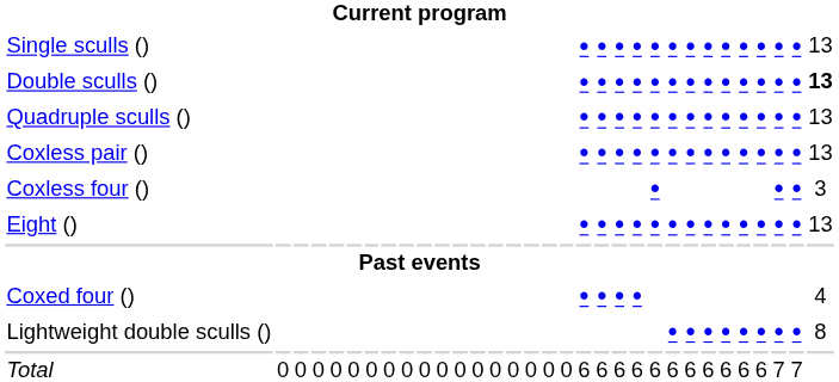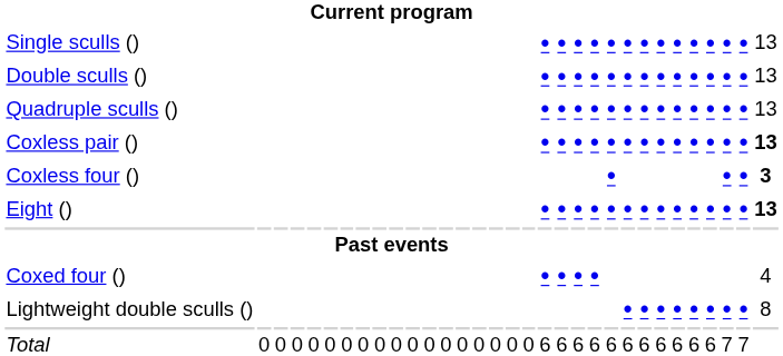 <table>
 <tr>
 </tr>
 <tr align=center>
 <td colspan=32 align=center><strong>Current program</strong></td>
 </tr>
 <tr align=center>
 <td align=left><a href='#'>Single sculls</a> ()</td>
 <td></td>
 <td></td>
 <td></td>
 <td></td>
 <td></td>
 <td></td>
 <td></td>
 <td></td>
 <td></td>
 <td></td>
 <td></td>
 <td></td>
 <td></td>
 <td></td>
 <td></td>
 <td></td>
 <td></td>
 <td><big><strong><a href='#'>•</a></strong></big></td>
 <td><big><strong><a href='#'>•</a></strong></big></td>
 <td><big><strong><a href='#'>•</a></strong></big></td>
 <td><big><strong><a href='#'>•</a></strong></big></td>
 <td><big><strong><a href='#'>•</a></strong></big></td>
 <td><big><strong><a href='#'>•</a></strong></big></td>
 <td><big><strong><a href='#'>•</a></strong></big></td>
 <td><big><strong><a href='#'>•</a></strong></big></td>
 <td><big><strong><a href='#'>•</a></strong></big></td>
 <td><big><strong><a href='#'>•</a></strong></big></td>
 <td><big><strong><a href='#'>•</a></strong></big></td>
 <td><big><strong><a href='#'>•</a></strong></big></td>
 <td><big><strong><a href='#'>•</a></strong></big></td>
 <td>13</td>
 </tr>
 <tr align=center>
 <td align=left><a href='#'>Double sculls</a> ()</td>
 <td></td>
 <td></td>
 <td></td>
 <td></td>
 <td></td>
 <td></td>
 <td></td>
 <td></td>
 <td></td>
 <td></td>
 <td></td>
 <td></td>
 <td></td>
 <td></td>
 <td></td>
 <td></td>
 <td></td>
 <td><big><strong><a href='#'>•</a></strong></big></td>
 <td><big><strong><a href='#'>•</a></strong></big></td>
 <td><big><strong><a href='#'>•</a></strong></big></td>
 <td><big><strong><a href='#'>•</a></strong></big></td>
 <td><big><strong><a href='#'>•</a></strong></big></td>
 <td><big><strong><a href='#'>•</a></strong></big></td>
 <td><big><strong><a href='#'>•</a></strong></big></td>
 <td><big><strong><a href='#'>•</a></strong></big></td>
 <td><big><strong><a href='#'>•</a></strong></big></td>
 <td><big><strong><a href='#'>•</a></strong></big></td>
 <td><big><strong><a href='#'>•</a></strong></big></td>
 <td><big><strong><a href='#'>•</a></strong></big></td>
 <td><big><strong><a href='#'>•</a></strong></big></td>
-<td><strong>13</strong></td>
+<td>13</td>
 </tr>
 <tr align=center>
 <td align=left><a href='#'>Quadruple sculls</a> ()</td>
 <td></td>
 <td></td>
 <td></td>
 <td></td>
 <td></td>
 <td></td>
 <td></td>
 <td></td>
 <td></td>
 <td></td>
 <td></td>
 <td></td>
 <td></td>
 <td></td>
 <td></td>
 <td></td>
 <td></td>
 <td><big><strong><a href='#'>•</a></strong></big></td>
 <td><big><strong><a href='#'>•</a></strong></big></td>
 <td><big><strong><a href='#'>•</a></strong></big></td>
 <td><big><strong><a href='#'>•</a></strong></big></td>
 <td><big><strong><a href='#'>•</a></strong></big></td>
 <td><big><strong><a href='#'>•</a></strong></big></td>
 <td><big><strong><a href='#'>•</a></strong></big></td>
 <td><big><strong><a href='#'>•</a></strong></big></td>
 <td><big><strong><a href='#'>•</a></strong></big></td>
 <td><big><strong><a href='#'>•</a></strong></big></td>
 <td><big><strong><a href='#'>•</a></strong></big></td>
 <td><big><strong><a href='#'>•</a></strong></big></td>
 <td><big><strong><a href='#'>•</a></strong></big></td>
 <td>13</td>
 </tr>
 <tr align=center>
 <td align=left><a href='#'>Coxless pair</a> ()</td>
 <td></td>
 <td></td>
 <td></td>
 <td></td>
 <td></td>
 <td></td>
 <td></td>
 <td></td>
 <td></td>
 <td></td>
 <td></td>
 <td></td>
 <td></td>
 <td></td>
 <td></td>
 <td></td>
 <td></td>
 <td><big><strong><a href='#'>•</a></strong></big></td>
 <td><big><strong><a href='#'>•</a></strong></big></td>
 <td><big><strong><a href='#'>•</a></strong></big></td>
 <td><big><strong><a href='#'>•</a></strong></big></td>
 <td><big><strong><a href='#'>•</a></strong></big></td>
 <td><big><strong><a href='#'>•</a></strong></big></td>
 <td><big><strong><a href='#'>•</a></strong></big></td>
 <td><big><strong><a href='#'>•</a></strong></big></td>
 <td><big><strong><a href='#'>•</a></strong></big></td>
 <td><big><strong><a href='#'>•</a></strong></big></td>
 <td><big><strong><a href='#'>•</a></strong></big></td>
 <td><big><strong><a href='#'>•</a></strong></big></td>
 <td><big><strong><a href='#'>•</a></strong></big></td>
-<td>13</td>
+<td><strong>13</strong></td>
 </tr>
 <tr align=center>
 <td align=left><a href='#'>Coxless four</a> ()</td>
 <td></td>
 <td></td>
 <td></td>
 <td></td>
 <td></td>
 <td></td>
 <td></td>
 <td></td>
 <td></td>
 <td></td>
 <td></td>
 <td></td>
 <td></td>
 <td></td>
 <td></td>
 <td></td>
 <td></td>
 <td></td>
 <td></td>
 <td></td>
 <td></td>
 <td><big><strong><a href='#'>•</a></strong></big></td>
 <td></td>
 <td></td>
 <td></td>
 <td></td>
 <td></td>
 <td></td>
 <td><big><strong><a href='#'>•</a></strong></big></td>
 <td><big><strong><a href='#'>•</a></strong></big></td>
-<td>3</td>
+<td><strong>3</strong></td>
 </tr>
 <tr align=center>
 <td align=left><a href='#'>Eight</a> ()</td>
 <td></td>
 <td></td>
 <td></td>
 <td></td>
 <td></td>
 <td></td>
 <td></td>
 <td></td>
 <td></td>
 <td></td>
 <td></td>
 <td></td>
 <td></td>
 <td></td>
 <td></td>
 <td></td>
 <td></td>
 <td><big><strong><a href='#'>•</a></strong></big></td>
 <td><big><strong><a href='#'>•</a></strong></big></td>
 <td><big><strong><a href='#'>•</a></strong></big></td>
 <td><big><strong><a href='#'>•</a></strong></big></td>
 <td><big><strong><a href='#'>•</a></strong></big></td>
 <td><big><strong><a href='#'>•</a></strong></big></td>
 <td><big><strong><a href='#'>•</a></strong></big></td>
 <td><big><strong><a href='#'>•</a></strong></big></td>
 <td><big><strong><a href='#'>•</a></strong></big></td>
 <td><big><strong><a href='#'>•</a></strong></big></td>
 <td><big><strong><a href='#'>•</a></strong></big></td>
 <td><big><strong><a href='#'>•</a></strong></big></td>
 <td><big><strong><a href='#'>•</a></strong></big></td>
-<td>13</td>
+<td><strong>13</strong></td>
 </tr>
 <tr bgcolor=lightgray>
 <td></td>
 <td></td>
 <td></td>
 <td></td>
 <td></td>
 <td></td>
 <td></td>
 <td></td>
 <td></td>
 <td></td>
 <td></td>
 <td></td>
 <td></td>
 <td></td>
 <td></td>
 <td></td>
 <td></td>
 <td></td>
 <td></td>
 <td></td>
 <td></td>
 <td></td>
 <td></td>
 <td></td>
 <td></td>
 <td></td>
 <td></td>
 <td></td>
 <td></td>
 <td></td>
 <td></td>
 <td></td>
 </tr>
 <tr align=center>
 <td colspan=32 align=center><strong>Past events</strong></td>
 </tr>
 <tr align=center>
 <td align=left><a href='#'>Coxed four</a> ()</td>
 <td></td>
 <td></td>
 <td></td>
 <td></td>
 <td></td>
 <td></td>
 <td></td>
 <td></td>
 <td></td>
 <td></td>
 <td></td>
 <td></td>
 <td></td>
 <td></td>
 <td></td>
 <td></td>
 <td></td>
 <td><big><strong><a href='#'>•</a></strong></big></td>
 <td><big><strong><a href='#'>•</a></strong></big></td>
 <td><big><strong><a href='#'>•</a></strong></big></td>
 <td><big><strong><a href='#'>•</a></strong></big></td>
 <td></td>
 <td></td>
 <td></td>
 <td></td>
 <td></td>
 <td></td>
 <td></td>
 <td></td>
 <td></td>
 <td>4</td>
 </tr>
 <tr align=center>
 <td align=left>Lightweight double sculls ()</td>
 <td></td>
 <td></td>
 <td></td>
 <td></td>
 <td></td>
 <td></td>
 <td></td>
 <td></td>
 <td></td>
 <td></td>
 <td></td>
 <td></td>
 <td></td>
 <td></td>
 <td></td>
 <td></td>
 <td></td>
 <td></td>
 <td></td>
 <td></td>
 <td></td>
 <td></td>
 <td><big><strong><a href='#'>•</a></strong></big></td>
 <td><big><strong><a href='#'>•</a></strong></big></td>
 <td><big><strong><a href='#'>•</a></strong></big></td>
 <td><big><strong><a href='#'>•</a></strong></big></td>
 <td><big><strong><a href='#'>•</a></strong></big></td>
 <td><big><strong><a href='#'>•</a></strong></big></td>
 <td><big><strong><a href='#'>•</a></strong></big></td>
 <td><big><strong><a href='#'>•</a></strong></big></td>
 <td>8</td>
 </tr>
 <tr bgcolor=lightgray>
 <td></td>
 <td></td>
 <td></td>
 <td></td>
 <td></td>
 <td></td>
 <td></td>
 <td></td>
 <td></td>
 <td></td>
 <td></td>
 <td></td>
 <td></td>
 <td></td>
 <td></td>
 <td></td>
 <td></td>
 <td></td>
 <td></td>
 <td></td>
 <td></td>
 <td></td>
 <td></td>
 <td></td>
 <td></td>
 <td></td>
 <td></td>
 <td></td>
 <td></td>
 <td></td>
 <td></td>
 <td></td>
 </tr>
 <tr align=center>
 <td align=left><em>Total</em></td>
 <td>0</td>
 <td>0</td>
 <td>0</td>
 <td>0</td>
 <td>0</td>
 <td>0</td>
 <td>0</td>
 <td>0</td>
 <td>0</td>
 <td>0</td>
 <td>0</td>
 <td>0</td>
 <td>0</td>
 <td>0</td>
 <td>0</td>
 <td>0</td>
 <td>0</td>
 <td>6</td>
 <td>6</td>
 <td>6</td>
 <td>6</td>
 <td>6</td>
 <td>6</td>
 <td>6</td>
 <td>6</td>
 <td>6</td>
 <td>6</td>
 <td>6</td>
 <td>7</td>
 <td>7</td>
 <td></td>
 </tr>
 </table>
